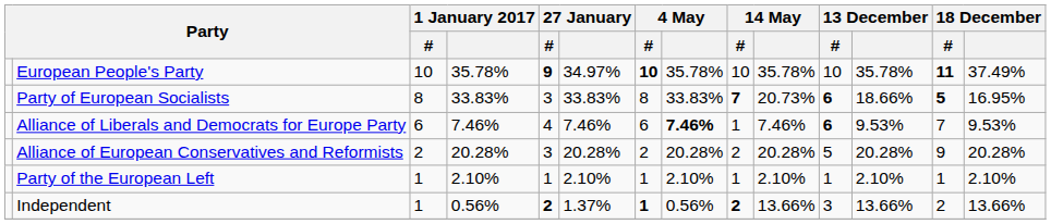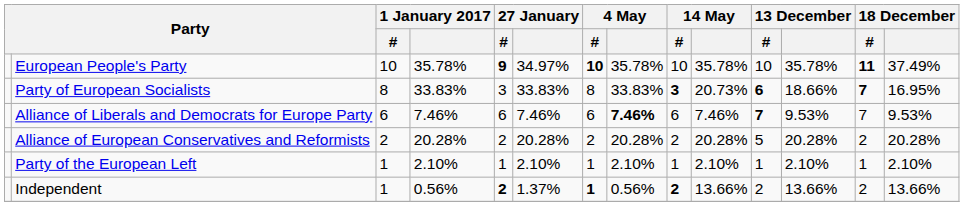 <table class="wikitable">
 <tr>
 <th rowspan=2 colspan=2>Party</th>
 <th colspan=2>1 January 2017</th>
 <th colspan=2>27 January</th>
 <th colspan=2>4 May</th>
 <th colspan=2>14 May</th>
 <th colspan=2>13 December</th>
 <th colspan=2>18 December</th>
 </tr>
 <tr>
 <th>#</th>
 <th></th>
 <th>#</th>
 <th></th>
 <th>#</th>
 <th></th>
 <th>#</th>
 <th></th>
 <th>#</th>
 <th></th>
 <th>#</th>
 <th></th>
 </tr>
 <tr>
 <td style="background-color:"></td>
 <td><a href='#'>European People's Party</a></td>
 <td>10</td>
 <td>35.78%</td>
 <td><strong>9</strong></td>
 <td>34.97%</td>
 <td><strong>10</strong></td>
 <td>35.78%</td>
 <td>10</td>
 <td>35.78%</td>
 <td>10</td>
 <td>35.78%</td>
 <td><strong>11</strong></td>
 <td>37.49%</td>
 </tr>
 <tr>
 <td style="background-color:"></td>
 <td><a href='#'>Party of European Socialists</a></td>
 <td>8</td>
 <td>33.83%</td>
 <td>3</td>
 <td>33.83%</td>
 <td>8</td>
 <td>33.83%</td>
-<td><strong>7</strong></td>
+<td><strong>3</strong></td>
 <td>20.73%</td>
 <td><strong>6</strong></td>
 <td>18.66%</td>
-<td><strong>5</strong></td>
+<td><strong>7</strong></td>
 <td>16.95%</td>
 </tr>
 <tr>
 <td style="background-color:"></td>
 <td><a href='#'>Alliance of Liberals and Democrats for Europe Party</a></td>
 <td>6</td>
 <td>7.46%</td>
-<td>4</td>
+<td>6</td>
 <td>7.46%</td>
 <td>6</td>
 <td><strong>7.46%</strong></td>
-<td>1</td>
+<td>6</td>
 <td>7.46%</td>
-<td><strong>6</strong></td>
+<td><strong>7</strong></td>
 <td>9.53%</td>
 <td>7</td>
 <td>9.53%</td>
 </tr>
 <tr>
 <td style="background-color:"></td>
 <td><a href='#'>Alliance of European Conservatives and Reformists</a></td>
 <td>2</td>
 <td>20.28%</td>
-<td>3</td>
+<td>2</td>
 <td>20.28%</td>
 <td>2</td>
 <td>20.28%</td>
 <td>2</td>
 <td>20.28%</td>
 <td>5</td>
 <td>20.28%</td>
-<td>9</td>
+<td>2</td>
 <td>20.28%</td>
 </tr>
 <tr>
 <td style="background-color:"></td>
 <td><a href='#'>Party of the European Left</a></td>
 <td>1</td>
 <td>2.10%</td>
 <td>1</td>
 <td>2.10%</td>
 <td>1</td>
 <td>2.10%</td>
 <td>1</td>
 <td>2.10%</td>
 <td>1</td>
 <td>2.10%</td>
 <td>1</td>
 <td>2.10%</td>
 </tr>
 <tr>
 <td style="background-color:"></td>
 <td>Independent</td>
 <td>1</td>
 <td>0.56%</td>
 <td><strong>2</strong></td>
 <td>1.37%</td>
 <td><strong>1</strong></td>
 <td>0.56%</td>
 <td><strong>2</strong></td>
 <td>13.66%</td>
-<td>3</td>
+<td>2</td>
 <td>13.66%</td>
 <td>2</td>
 <td>13.66%</td>
 </tr>
 <tr>
 </tr>
 </table>
